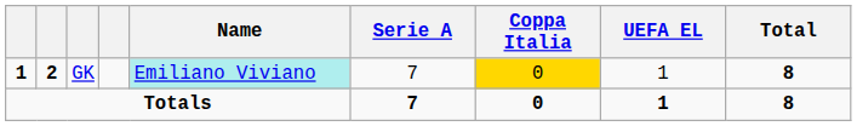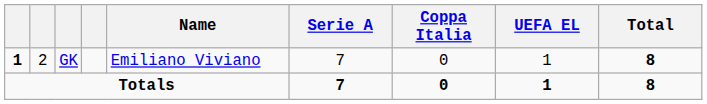 <table class="wikitable" style="text-align:center">
 <tr>
 <th width=15></th>
 <th width=15></th>
 <th width=15></th>
 <th width=15></th>
 <th width=145>Name</th>
 <th width=80><a href='#'>Serie A</a></th>
 <th width=80><a href='#'>Coppa Italia</a></th>
 <th width=80><a href='#'>UEFA EL</a></th>
 <th width=80>Total</th>
 </tr>
 <tr>
 <td><strong>1</strong></td>
-<td><strong>2</strong></td>
+<td>2</td>
 <td><a href='#'>GK</a></td>
 <td></td>
-<td align=left style="background: paleturquoise;"><a href='#'>Emiliano Viviano</a></td>
+<td align=left><a href='#'>Emiliano Viviano</a></td>
 <td>7</td>
-<td style="background: gold;">0</td>
+<td>0</td>
 <td>1</td>
 <td><strong>8</strong></td>
 </tr>
 <tr>
 <td colspan=5><strong>Totals</strong></td>
 <td><strong>7</strong></td>
 <td><strong>0</strong></td>
 <td><strong>1</strong></td>
 <td><strong>8</strong></td>
 </tr>
 </table>
